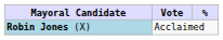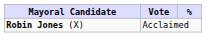 <table class="wikitable">
 <tr>
 <th style="background:#ddf; width:200px;">Mayoral Candidate</th>
 <th style="background:#ddf; width:50px;">Vote</th>
 <th style="background:#ddf; width:30px;">%</th>
 </tr>
 <tr>
-<td style="background: lightblue;"><strong>Robin Jones</strong> (X)</td>
+<td><strong>Robin Jones</strong> (X)</td>
 <td colspan="2">Acclaimed</td>
 </tr>
 </table>
